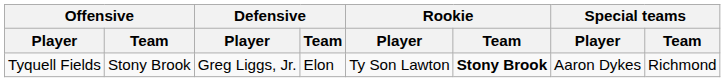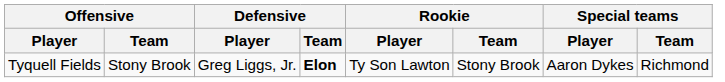 <table class="wikitable" border="1">
 <tr>
 <th colspan="2">Offensive</th>
 <th colspan="2">Defensive</th>
 <th colspan="2">Rookie</th>
 <th colspan="2">Special teams</th>
 </tr>
 <tr>
 <th>Player</th>
 <th>Team</th>
 <th>Player</th>
 <th>Team</th>
 <th>Player</th>
 <th>Team</th>
 <th>Player</th>
 <th>Team</th>
 </tr>
 <tr>
 <td>Tyquell Fields</td>
 <td>Stony Brook</td>
 <td>Greg Liggs, Jr.</td>
-<td>Elon</td>
+<td><strong>Elon</strong></td>
 <td>Ty Son Lawton</td>
-<td><strong>Stony Brook</strong></td>
+<td>Stony Brook</td>
 <td>Aaron Dykes</td>
 <td>Richmond</td>
 </tr>
 </table>
